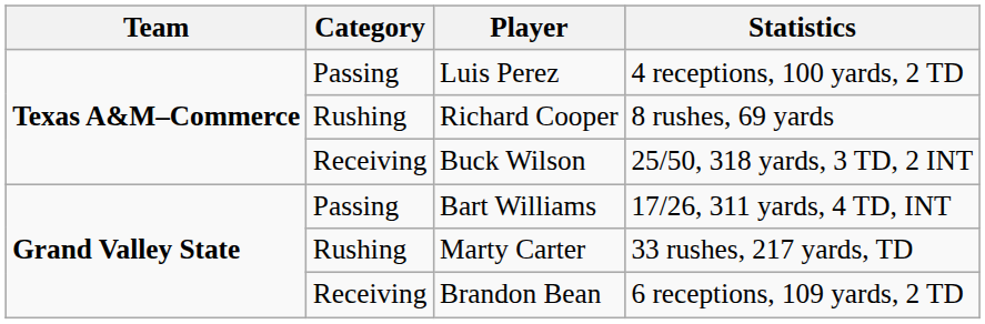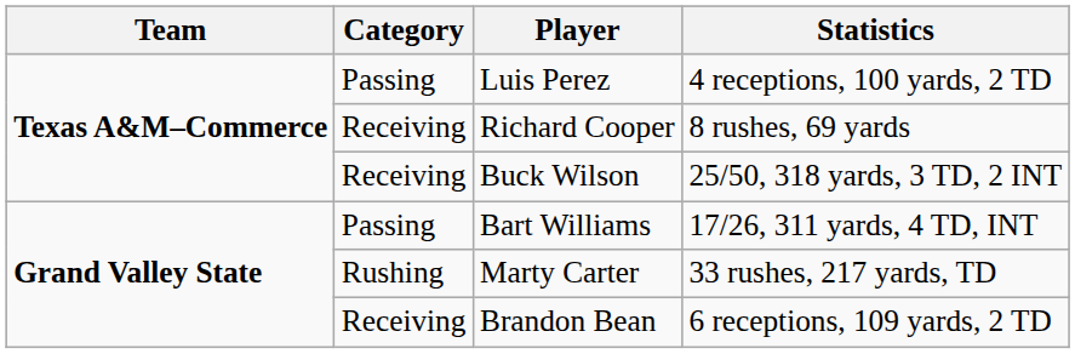 <table class="wikitable" style="float: right;">
 <tr>
 <th>Team</th>
 <th>Category</th>
 <th>Player</th>
 <th>Statistics</th>
 </tr>
 <tr>
 <td rowspan=3><strong>Texas A&M–Commerce</strong></td>
 <td>Passing</td>
 <td>Luis Perez</td>
 <td>4 receptions, 100 yards, 2 TD</td>
 </tr>
 <tr>
-<td>Rushing</td>
+<td>Receiving</td>
 <td>Richard Cooper</td>
 <td>8 rushes, 69 yards</td>
 </tr>
 <tr>
 <td>Receiving</td>
 <td>Buck Wilson</td>
 <td>25/50, 318 yards, 3 TD, 2 INT</td>
 </tr>
 <tr>
 <td rowspan=3><strong>Grand Valley State</strong></td>
 <td>Passing</td>
 <td>Bart Williams</td>
 <td>17/26, 311 yards, 4 TD, INT</td>
 </tr>
 <tr>
 <td>Rushing</td>
 <td>Marty Carter</td>
 <td>33 rushes, 217 yards, TD</td>
 </tr>
 <tr>
 <td>Receiving</td>
 <td>Brandon Bean</td>
 <td>6 receptions, 109 yards, 2 TD</td>
 </tr>
 </table>
